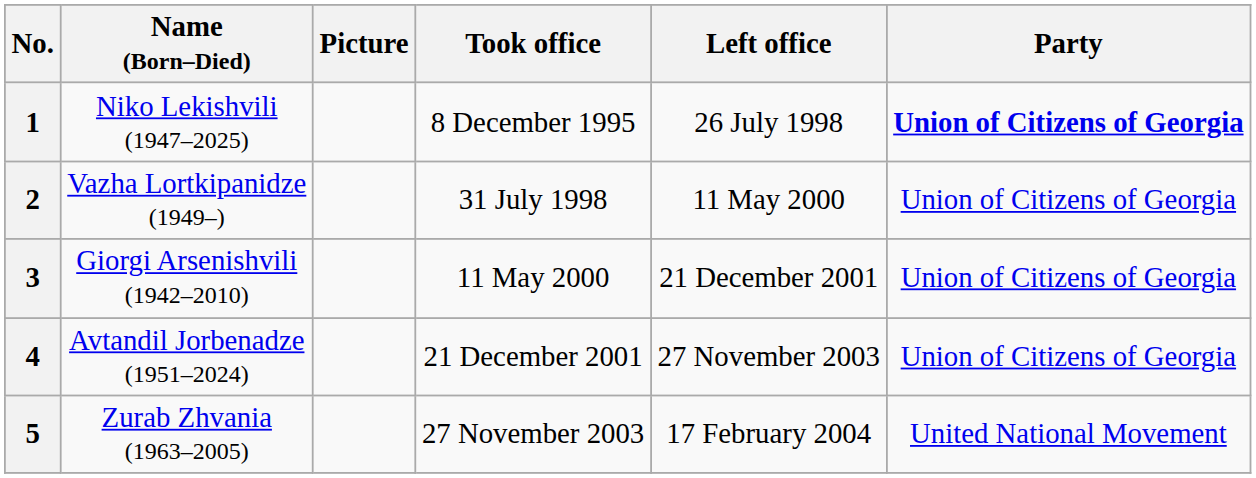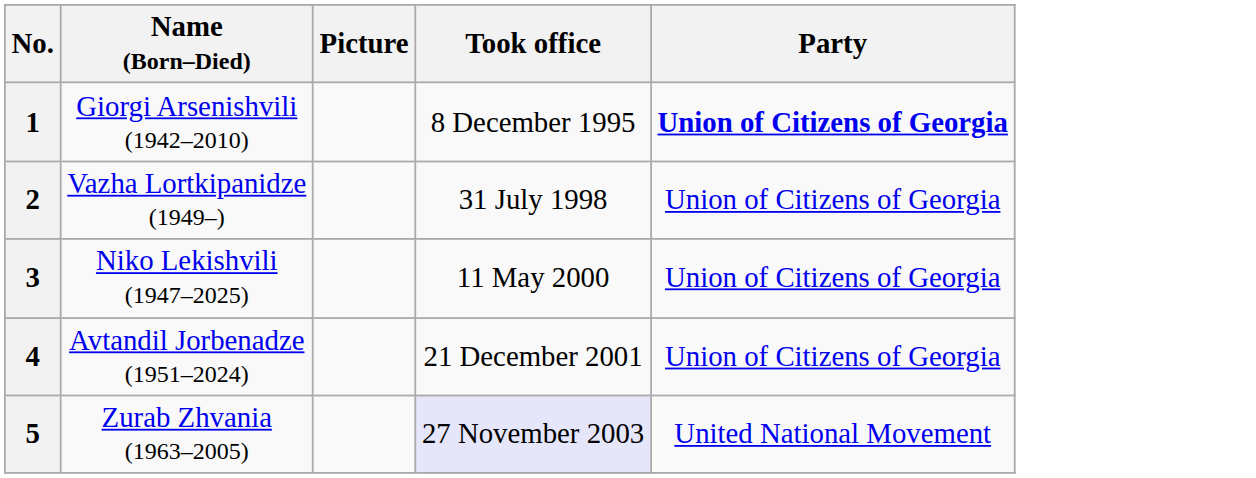 <table class="wikitable" style="text-align:center">
 <tr>
 <th>No.</th>
 <th>Name<br><small>(Born–Died)</small></th>
 <th>Picture</th>
 <th>Took office</th>
-<th>Left office</th>
 <th>Party</th>
 </tr>
 <tr>
 <th style="background:">1</th>
-<td><a href='#'>Niko Lekishvili</a><br><small>(1947–2025)</small></td>
+<td><a href='#'>Giorgi Arsenishvili</a><br><small>(1942–2010)</small></td>
 <td></td>
 <td>8 December 1995</td>
-<td>26 July 1998</td>
 <td><strong><a href='#'>Union of Citizens of Georgia</a></strong></td>
 </tr>
 <tr>
 <th style="background:">2</th>
 <td><a href='#'>Vazha Lortkipanidze</a><br><small>(1949–)</small></td>
 <td></td>
 <td>31 July 1998</td>
-<td>11 May 2000</td>
 <td><a href='#'>Union of Citizens of Georgia</a></td>
 </tr>
 <tr>
 <th style="background:">3</th>
-<td><a href='#'>Giorgi Arsenishvili</a><br><small>(1942–2010)</small></td>
+<td><a href='#'>Niko Lekishvili</a><br><small>(1947–2025)</small></td>
 <td></td>
 <td>11 May 2000</td>
-<td>21 December 2001</td>
 <td><a href='#'>Union of Citizens of Georgia</a></td>
 </tr>
 <tr>
 <th style="background:">4</th>
 <td><a href='#'>Avtandil Jorbenadze</a><br><small>(1951–2024)</small></td>
 <td></td>
 <td>21 December 2001</td>
-<td>27 November 2003</td>
 <td><a href='#'>Union of Citizens of Georgia</a></td>
 </tr>
 <tr>
 <th style="background:">5</th>
 <td><a href='#'>Zurab Zhvania</a><br><small>(1963–2005)</small></td>
 <td></td>
-<td>27 November 2003</td>
-<td>17 February 2004</td>
+<td style="background: lavender;">27 November 2003</td>
 <td><a href='#'>United National Movement</a></td>
 </tr>
 </table>
